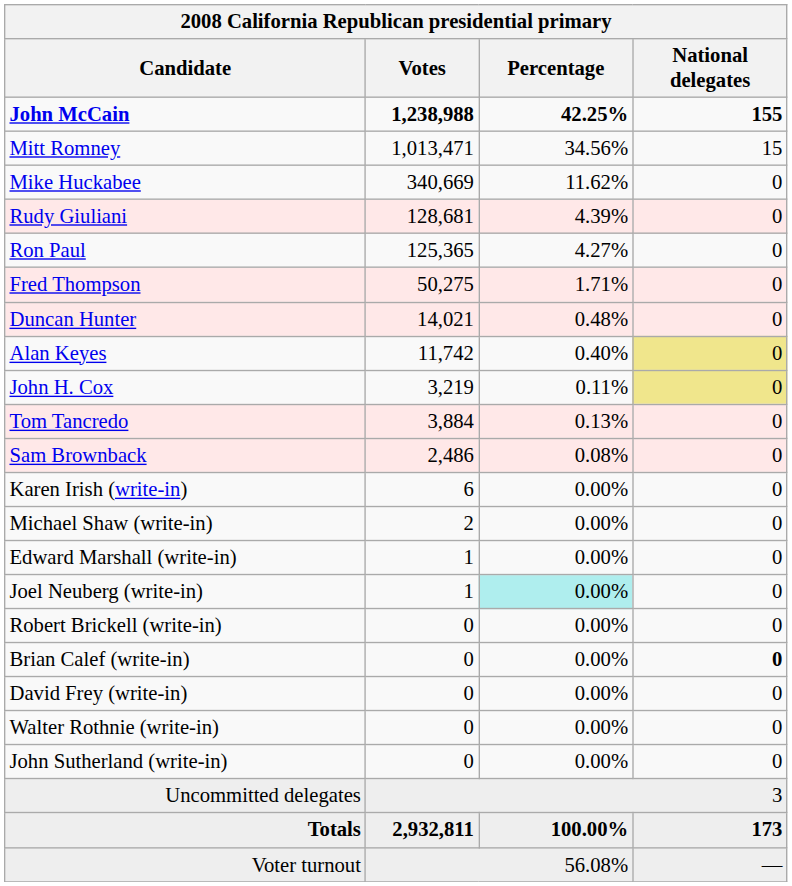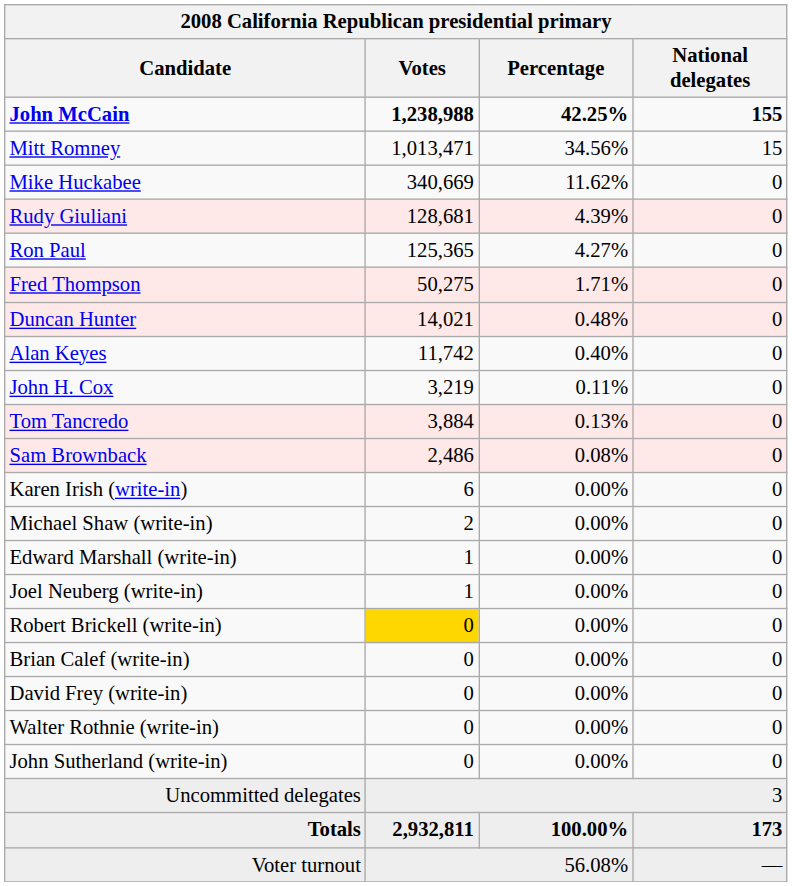 <table class="wikitable" style="font-size: 95%;">
 <tr>
 <th colspan="4">2008 California Republican presidential primary</th>
 </tr>
 <tr>
 <th style="width: 17em">Candidate</th>
 <th style="width: 5em">Votes</th>
 <th style="width: 7em">Percentage</th>
 <th style="width: 7em">National delegates</th>
 </tr>
 <tr>
 <td><strong><a href='#'>John McCain</a></strong></td>
 <td align="right"><strong>1,238,988</strong></td>
 <td align="right"><strong>42.25%</strong></td>
 <td align="right"><strong>155</strong></td>
 </tr>
 <tr>
 <td><a href='#'>Mitt Romney</a></td>
 <td align="right">1,013,471</td>
 <td align="right">34.56%</td>
 <td align="right">15</td>
 </tr>
 <tr>
 <td><a href='#'>Mike Huckabee</a></td>
 <td align="right">340,669</td>
 <td align="right">11.62%</td>
 <td align="right">0</td>
 </tr>
 <tr bgcolor=#FFE8E8>
 <td><a href='#'>Rudy Giuliani</a></td>
 <td align="right">128,681</td>
 <td align="right">4.39%</td>
 <td align="right">0</td>
 </tr>
 <tr>
 <td><a href='#'>Ron Paul</a></td>
 <td align="right">125,365</td>
 <td align="right">4.27%</td>
 <td align="right">0</td>
 </tr>
 <tr bgcolor=#FFE8E8>
 <td><a href='#'>Fred Thompson</a></td>
 <td align="right">50,275</td>
 <td align="right">1.71%</td>
 <td align="right">0</td>
 </tr>
 <tr bgcolor=#FFE8E8>
 <td><a href='#'>Duncan Hunter</a></td>
 <td align="right">14,021</td>
 <td align="right">0.48%</td>
 <td align="right">0</td>
 </tr>
 <tr>
 <td><a href='#'>Alan Keyes</a></td>
 <td align="right">11,742</td>
 <td align="right">0.40%</td>
-<td align="right" style="background: khaki;">0</td>
+<td align="right">0</td>
 </tr>
 <tr>
 <td><a href='#'>John H. Cox</a></td>
 <td align="right">3,219</td>
 <td align="right">0.11%</td>
-<td align="right" style="background: khaki;">0</td>
+<td align="right">0</td>
 </tr>
 <tr bgcolor=#FFE8E8>
 <td><a href='#'>Tom Tancredo</a></td>
 <td align="right">3,884</td>
 <td align="right">0.13%</td>
 <td align="right">0</td>
 </tr>
 <tr bgcolor=#FFE8E8>
 <td><a href='#'>Sam Brownback</a></td>
 <td align="right">2,486</td>
 <td align="right">0.08%</td>
 <td align="right">0</td>
 </tr>
 <tr>
 <td>Karen Irish (<a href='#'>write-in</a>)</td>
 <td align="right">6</td>
 <td align="right">0.00%</td>
 <td align="right">0</td>
 </tr>
 <tr>
 <td>Michael Shaw (write-in)</td>
 <td align="right">2</td>
 <td align="right">0.00%</td>
 <td align="right">0</td>
 </tr>
 <tr>
 <td>Edward Marshall (write-in)</td>
 <td align="right">1</td>
 <td align="right">0.00%</td>
 <td align="right">0</td>
 </tr>
 <tr>
 <td>Joel Neuberg (write-in)</td>
 <td align="right">1</td>
-<td align="right" style="background: paleturquoise;">0.00%</td>
+<td align="right">0.00%</td>
 <td align="right">0</td>
 </tr>
 <tr>
 <td>Robert Brickell (write-in)</td>
-<td align="right">0</td>
+<td align="right" style="background: gold;">0</td>
 <td align="right">0.00%</td>
 <td align="right">0</td>
 </tr>
 <tr>
 <td>Brian Calef (write-in)</td>
 <td align="right">0</td>
 <td align="right">0.00%</td>
-<td align="right"><strong>0</strong></td>
+<td align="right">0</td>
 </tr>
 <tr>
 <td>David Frey (write-in)</td>
 <td align="right">0</td>
 <td align="right">0.00%</td>
 <td align="right">0</td>
 </tr>
 <tr>
 <td>Walter Rothnie (write-in)</td>
 <td align="right">0</td>
 <td align="right">0.00%</td>
 <td align="right">0</td>
 </tr>
 <tr>
 <td>John Sutherland (write-in)</td>
 <td align="right">0</td>
 <td align="right">0.00%</td>
 <td align="right">0</td>
 </tr>
 <tr bgcolor="#EEEEEE">
 <td align="right">Uncommitted delegates</td>
 <td colspan="3" align="right">3</td>
 </tr>
 <tr bgcolor="#EEEEEE">
 <td align="right"><strong>Totals</strong></td>
 <td align="right"><strong>2,932,811</strong></td>
 <td align="right"><strong>100.00%</strong></td>
 <td align="right"><strong>173</strong></td>
 </tr>
 <tr bgcolor="#EEEEEE">
 <td align="right">Voter turnout</td>
 <td colspan="2" align="right">56.08%</td>
 <td align="right">—</td>
 </tr>
 </table>
